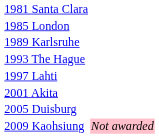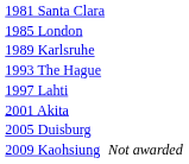 <table>
 <tr>
 <td><a href='#'>1981 Santa Clara</a></td>
 <td></td>
 <td></td>
 <td></td>
 </tr>
 <tr>
 <td><a href='#'>1985 London</a></td>
 <td></td>
 <td></td>
 <td></td>
 </tr>
 <tr>
 <td><a href='#'>1989 Karlsruhe</a></td>
 <td></td>
 <td></td>
 <td></td>
 </tr>
 <tr>
 <td><a href='#'>1993 The Hague</a></td>
 <td></td>
 <td></td>
 <td></td>
 </tr>
 <tr>
 <td><a href='#'>1997 Lahti</a></td>
 <td></td>
 <td></td>
 <td></td>
 </tr>
 <tr>
 <td><a href='#'>2001 Akita</a></td>
 <td></td>
 <td></td>
 <td></td>
 </tr>
 <tr>
 <td><a href='#'>2005 Duisburg</a></td>
 <td></td>
 <td></td>
 <td></td>
 </tr>
 <tr>
 <td><a href='#'>2009 Kaohsiung</a></td>
-<td style="background: pink;"><em>Not awarded</em></td>
+<td><em>Not awarded</em></td>
 <td></td>
 <td></td>
 </tr>
 </table>
